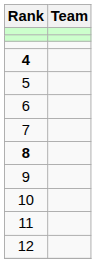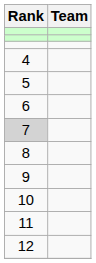 <table class="wikitable">
 <tr>
 <th>Rank</th>
 <th>Team</th>
 </tr>
 <tr bgcolor=#ccffcc>
 <td align=center></td>
 <td></td>
 </tr>
 <tr bgcolor=#ccffcc>
 <td align=center></td>
 <td></td>
 </tr>
 <tr>
 <td align=center></td>
 <td></td>
 </tr>
 <tr>
-<td align=center><strong>4</strong></td>
+<td align=center>4</td>
 <td></td>
 </tr>
 <tr>
 <td align=center>5</td>
 <td></td>
 </tr>
 <tr>
 <td align=center>6</td>
 <td></td>
 </tr>
 <tr>
-<td align=center>7</td>
+<td align=center style="background: lightgrey;">7</td>
 <td></td>
 </tr>
 <tr>
-<td align=center><strong>8</strong></td>
+<td align=center>8</td>
 <td></td>
 </tr>
 <tr>
 <td align=center>9</td>
 <td></td>
 </tr>
 <tr>
 <td align=center>10</td>
 <td></td>
 </tr>
 <tr>
 <td align=center>11</td>
 <td></td>
 </tr>
 <tr>
 <td align=center>12</td>
 <td></td>
 </tr>
 <tr>
 </tr>
 </table>
